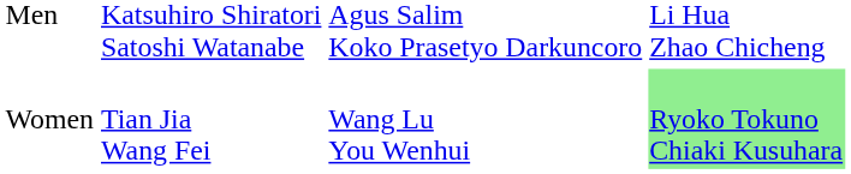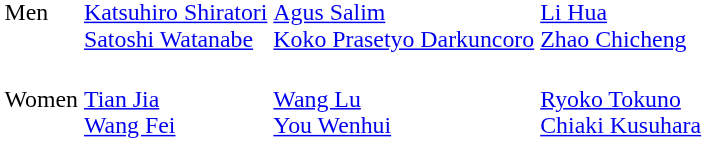 <table>
 <tr>
 <td>Men<br></td>
 <td><br><a href='#'>Katsuhiro Shiratori</a><br><a href='#'>Satoshi Watanabe</a></td>
 <td><br><a href='#'>Agus Salim</a><br><a href='#'>Koko Prasetyo Darkuncoro</a></td>
 <td><br><a href='#'>Li Hua</a><br><a href='#'>Zhao Chicheng</a></td>
 </tr>
 <tr>
 <td>Women<br></td>
 <td><br><a href='#'>Tian Jia</a><br><a href='#'>Wang Fei</a></td>
 <td><br><a href='#'>Wang Lu</a><br><a href='#'>You Wenhui</a></td>
-<td style="background: lightgreen;"><br><a href='#'>Ryoko Tokuno</a><br><a href='#'>Chiaki Kusuhara</a></td>
+<td><br><a href='#'>Ryoko Tokuno</a><br><a href='#'>Chiaki Kusuhara</a></td>
 </tr>
 </table>
